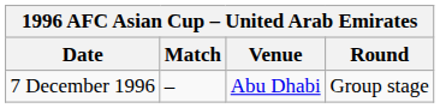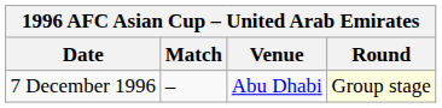 <table class="wikitable">
 <tr>
 <th colspan="4">1996 AFC Asian Cup – United Arab Emirates</th>
 </tr>
 <tr>
 <th>Date</th>
 <th>Match</th>
 <th>Venue</th>
 <th>Round</th>
 </tr>
 <tr>
 <td>7 December 1996</td>
 <td> – </td>
 <td><a href='#'>Abu Dhabi</a></td>
-<td>Group stage</td>
+<td style="background: lightyellow;">Group stage</td>
 </tr>
 </table>
